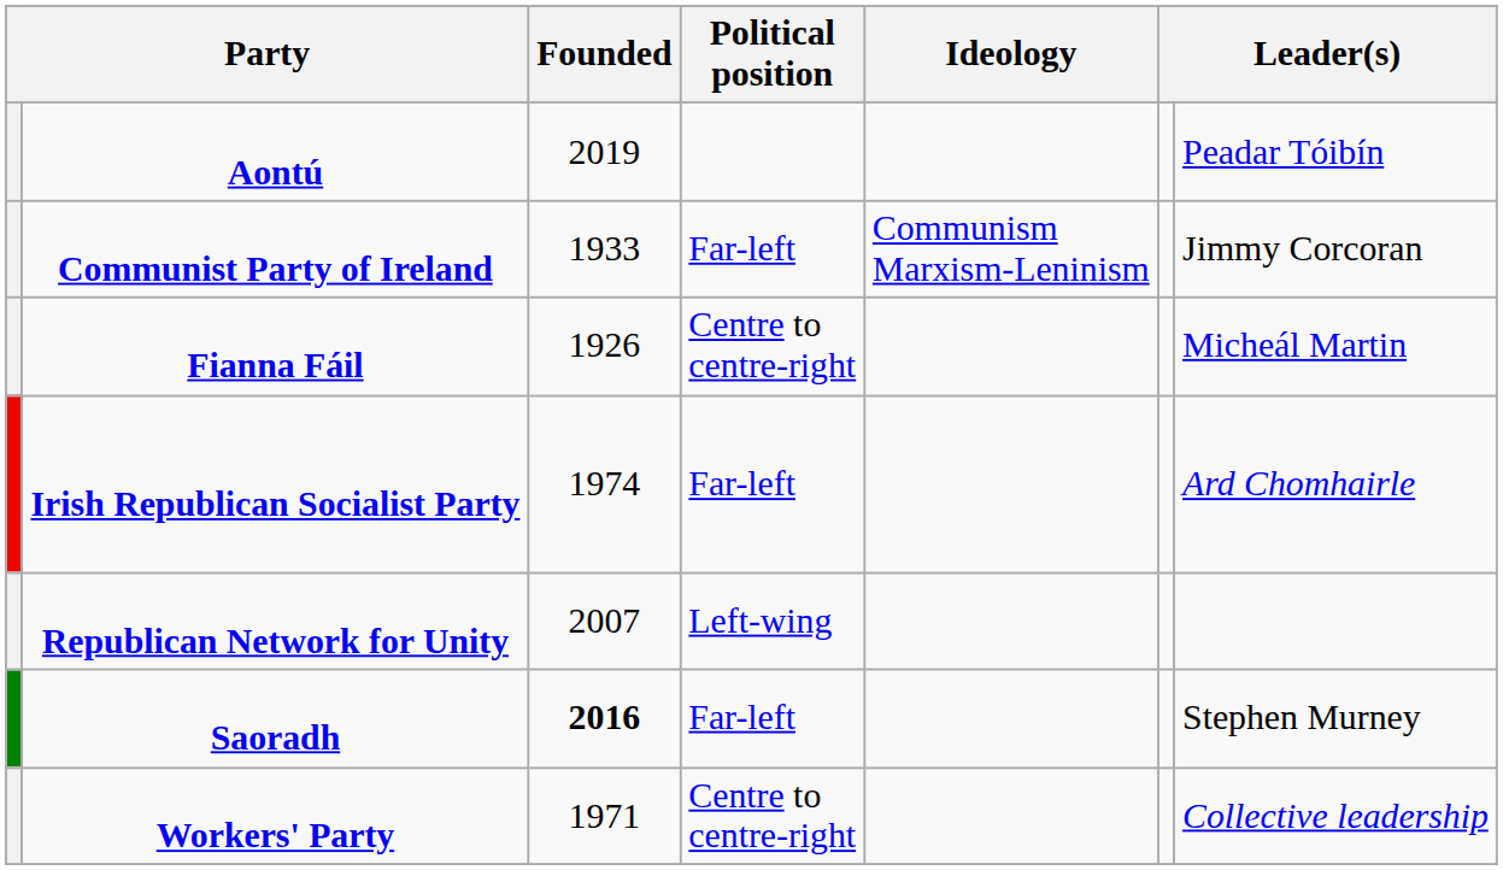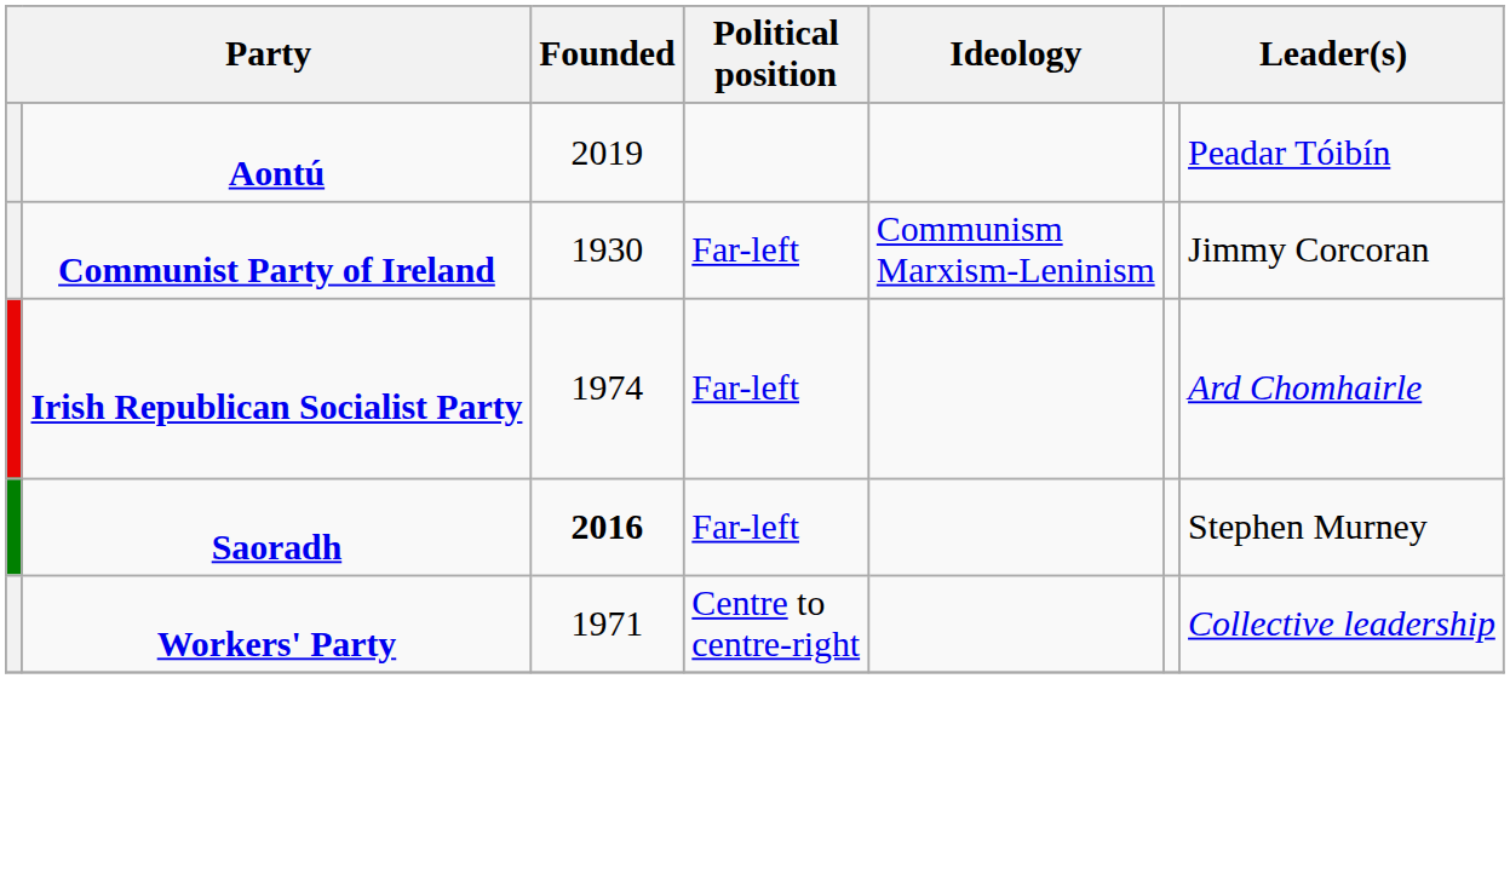 <table class ="wikitable sortable">
 <tr style="background:#ccc;">
 <th colspan="2" scope="col" class="unsortable"  style="width:20px;">Party</th>
 <th>Founded</th>
 <th scope="col" class="unsortable">Political<br>position</th>
 <th scope="col" class="unsortable">Ideology</th>
 <th colspan="2" class="unsortable">Leader(s)</th>
 </tr>
 <tr>
 <th style="background-color: "></th>
 <td align=center><br><strong><a href='#'>Aontú</a></strong> <br> </td>
 <td align=center>2019</td>
 <td></td>
 <td></td>
 <td></td>
 <td><a href='#'>Peadar Tóibín</a></td>
 </tr>
 <tr>
 <th style="background-color: "></th>
 <td align=center> <br> <strong><a href='#'>Communist Party of Ireland</a></strong> <br></td>
-<td align=center>1933<br></td>
+<td align=center>1930<br></td>
 <td><a href='#'>Far-left</a></td>
 <td><a href='#'>Communism</a> <br><a href='#'>Marxism-Leninism</a></td>
 <td></td>
 <td>Jimmy Corcoran </td>
-</tr>
-<tr>
-<th style="background-color: "></th>
-<td align=center> <br> <strong><a href='#'>Fianna Fáil</a></strong> <br> </td>
-<td align=center>1926</td>
-<td><a href='#'>Centre</a> to<br><a href='#'>centre-right</a></td>
-<td> <br><br></td>
-<td></td>
-<td><a href='#'>Micheál Martin</a></td>
 </tr>
 <tr>
 <th style="background-color: #e80504 "></th>
 <td align=center> <br> <strong><a href='#'>Irish Republican Socialist Party</a></strong></td>
 <td align=center>1974</td>
 <td><a href='#'>Far-left</a></td>
 <td> <br> <br> <br> <br></td>
 <td></td>
 <td><em><a href='#'>Ard Chomhairle</a></em><br></td>
-</tr>
-<tr>
-<th style="background-color: "></th>
-<td align=center><br> <strong><a href='#'>Republican Network for Unity</a></strong></td>
-<td align=center>2007</td>
-<td><a href='#'>Left-wing</a></td>
-<td></td>
-<td></td>
-<td></td>
 </tr>
 <tr>
 <th style="background-color: green"></th>
 <td align=center><br> <strong><a href='#'>Saoradh</a></strong> <br></td>
 <td align=center><strong>2016</strong></td>
 <td><a href='#'>Far-left</a></td>
 <td></td>
 <td></td>
 <td>Stephen Murney</td>
 </tr>
 <tr>
 <th style="background-color: "></th>
 <td align=center><br> <strong><a href='#'>Workers' Party</a></strong> <br></td>
 <td align=center>1971</td>
 <td><a href='#'>Centre</a> to<br><a href='#'>centre-right</a></td>
 <td> <br><br></td>
 <td></td>
 <td><em><a href='#'>Collective leadership</a></em></td>
 </tr>
 <tr>
 </tr>
 </table>
